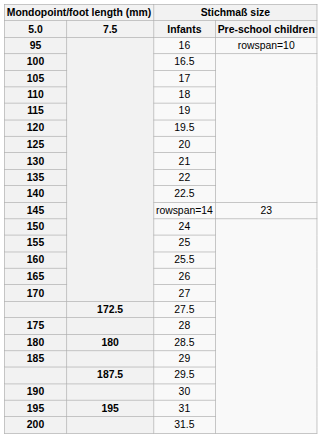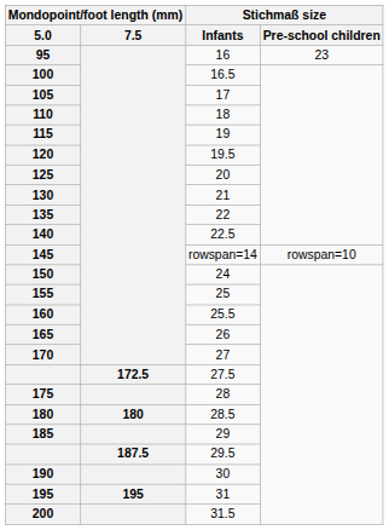 <table class="wikitable" style="text-align:center;">
 <tr>
 <th colspan=2>Mondopoint/foot length (mm)</th>
 <th colspan=2>Stichmaß size</th>
 </tr>
 <tr>
 <th>5.0</th>
 <th>7.5</th>
 <th>Infants</th>
 <th>Pre-school children</th>
 </tr>
 <tr>
 <th>95</th>
 <th rowspan=16></th>
 <td>16</td>
-<td>rowspan=10 </td>
+<td>23</td>
 </tr>
 <tr>
 <th>100</th>
 <td>16.5</td>
 </tr>
 <tr>
 <th>105</th>
 <td>17</td>
 </tr>
 <tr>
 <th>110</th>
 <td>18</td>
 </tr>
 <tr>
 <th>115</th>
 <td>19</td>
 </tr>
 <tr>
 <th>120</th>
 <td>19.5</td>
 </tr>
 <tr>
 <th>125</th>
 <td>20</td>
 </tr>
 <tr>
 <th>130</th>
 <td>21</td>
 </tr>
 <tr>
 <th>135</th>
 <td>22</td>
 </tr>
 <tr>
 <th>140</th>
 <td>22.5</td>
 </tr>
 <tr>
 <th>145</th>
 <td>rowspan=14 </td>
-<td>23</td>
+<td>rowspan=10 </td>
 </tr>
 <tr>
 <th>150</th>
 <td>24</td>
 </tr>
 <tr>
 <th>155</th>
 <td>25</td>
 </tr>
 <tr>
 <th>160</th>
 <td>25.5</td>
 </tr>
 <tr>
 <th>165</th>
 <td>26</td>
 </tr>
 <tr>
 <th>170</th>
 <td>27</td>
 </tr>
 <tr>
 <th></th>
 <th>172.5</th>
 <td>27.5</td>
 </tr>
 <tr>
 <th>175</th>
 <th></th>
 <td>28</td>
 </tr>
 <tr>
 <th>180</th>
 <th>180</th>
 <td>28.5</td>
 </tr>
 <tr>
 <th>185</th>
 <th></th>
 <td>29</td>
 </tr>
 <tr>
 <th></th>
 <th>187.5</th>
 <td>29.5</td>
 </tr>
 <tr>
 <th>190</th>
 <th></th>
 <td>30</td>
 </tr>
 <tr>
 <th>195</th>
 <th>195</th>
 <td>31</td>
 </tr>
 <tr>
 <th>200</th>
 <th></th>
 <td>31.5</td>
 </tr>
 </table>
